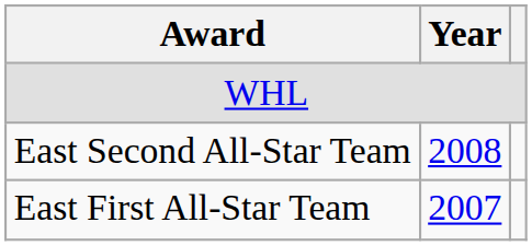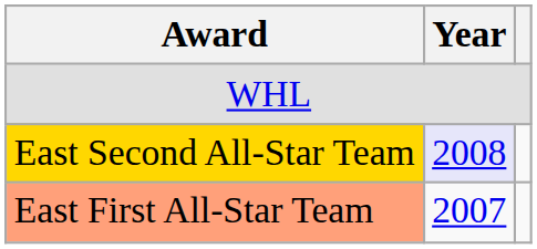 <table class="wikitable">
 <tr>
 <th>Award</th>
 <th>Year</th>
 <th></th>
 </tr>
 <tr ALIGN="center" bgcolor="#e0e0e0">
 <td colspan="3"><a href='#'>WHL</a></td>
 </tr>
 <tr>
-<td>East Second All-Star Team</td>
-<td><a href='#'>2008</a></td>
+<td style="background: gold;">East Second All-Star Team</td>
+<td style="background: lavender;"><a href='#'>2008</a></td>
 <td></td>
 </tr>
 <tr>
-<td>East First All-Star Team</td>
+<td style="background: lightsalmon;">East First All-Star Team</td>
 <td><a href='#'>2007</a></td>
 <td></td>
 </tr>
 </table>
